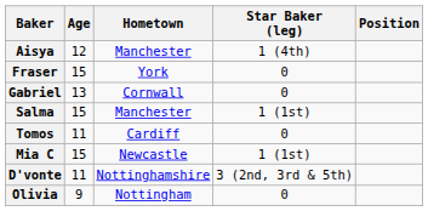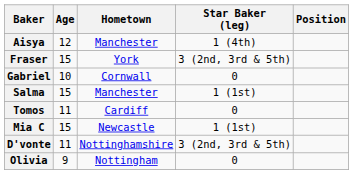 <table class="wikitable sortable" style="display:inline-table; text-align:center">
 <tr>
 <th scope="col">Baker</th>
 <th scope="col">Age</th>
 <th scope="col">Hometown</th>
 <th scope="col">Star Baker<br>(leg)</th>
 <th scope="col">Position</th>
 </tr>
 <tr>
 <th scope="row">Aisya</th>
 <td>12</td>
 <td><a href='#'>Manchester</a></td>
 <td>1 (4th)</td>
 <td></td>
 </tr>
 <tr>
 <th scope="row">Fraser</th>
 <td>15</td>
 <td><a href='#'>York</a></td>
-<td>0</td>
+<td>3 (2nd, 3rd & 5th)</td>
 <td></td>
 </tr>
 <tr>
 <th scope="row">Gabriel</th>
-<td>13</td>
+<td>10</td>
 <td><a href='#'>Cornwall</a></td>
 <td>0</td>
 <td></td>
 </tr>
 <tr>
 <th scope="row">Salma</th>
 <td>15</td>
 <td><a href='#'>Manchester</a></td>
 <td>1 (1st)</td>
 <td></td>
 </tr>
 <tr>
 <th scope="row">Tomos</th>
 <td>11</td>
 <td><a href='#'>Cardiff</a></td>
 <td>0</td>
 <td></td>
 </tr>
 <tr>
 <th scope="row">Mia C</th>
 <td>15</td>
 <td><a href='#'>Newcastle</a></td>
 <td>1 (1st)</td>
 <td></td>
 </tr>
 <tr>
 <th scope="row">D'vonte</th>
 <td>11</td>
 <td><a href='#'>Nottinghamshire</a></td>
 <td>3 (2nd, 3rd & 5th)</td>
 <td></td>
 </tr>
 <tr>
 <th scope="row">Olivia</th>
 <td>9</td>
 <td><a href='#'>Nottingham</a></td>
 <td>0</td>
 <td></td>
 </tr>
 </table>
